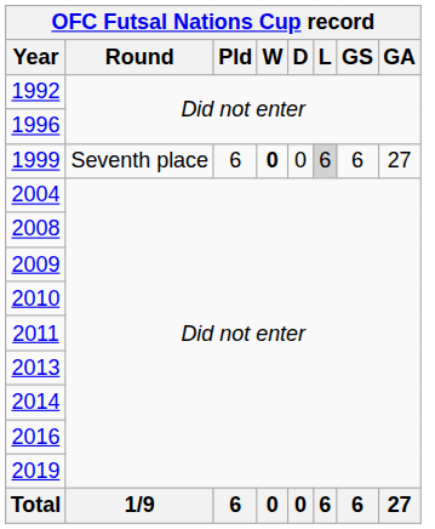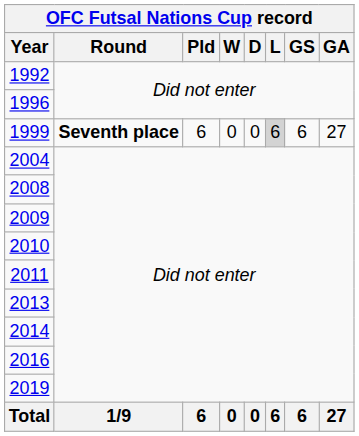 <table class="wikitable" style="text-align:center;">
 <tr>
 <th colspan="8"><a href='#'>OFC Futsal Nations Cup</a> record</th>
 </tr>
 <tr>
 <th>Year</th>
 <th>Round</th>
 <th>Pld</th>
 <th>W</th>
 <th>D</th>
 <th>L</th>
 <th>GS</th>
 <th>GA</th>
 </tr>
 <tr>
 <td> <a href='#'>1992</a></td>
 <td colspan=7 rowspan=2><em>Did not enter</em></td>
 </tr>
 <tr>
 <td> <a href='#'>1996</a></td>
 </tr>
 <tr>
 <td> <a href='#'>1999</a></td>
-<td>Seventh place</td>
+<td><strong>Seventh place</strong></td>
 <td>6</td>
-<td><strong>0</strong></td>
+<td>0</td>
 <td>0</td>
 <td style="background: lightgrey;">6</td>
 <td>6</td>
 <td>27</td>
 </tr>
 <tr>
 <td> <a href='#'>2004</a></td>
 <td colspan=7 rowspan=9><em>Did not enter</em></td>
 </tr>
 <tr>
 <td> <a href='#'>2008</a></td>
 </tr>
 <tr>
 <td> <a href='#'>2009</a></td>
 </tr>
 <tr>
 <td> <a href='#'>2010</a></td>
 </tr>
 <tr>
 <td> <a href='#'>2011</a></td>
 </tr>
 <tr>
 <td> <a href='#'>2013</a></td>
 </tr>
 <tr>
 <td> <a href='#'>2014</a></td>
 </tr>
 <tr>
 <td> <a href='#'>2016</a></td>
 </tr>
 <tr>
 <td> <a href='#'>2019</a></td>
 </tr>
 <tr>
 <th><strong>Total</strong></th>
 <th>1/9</th>
 <th>6</th>
 <th>0</th>
 <th>0</th>
 <th>6</th>
 <th>6</th>
 <th>27</th>
 </tr>
 </table>
